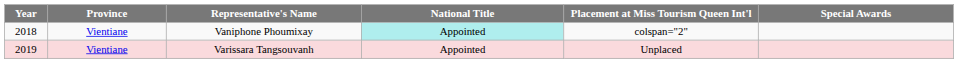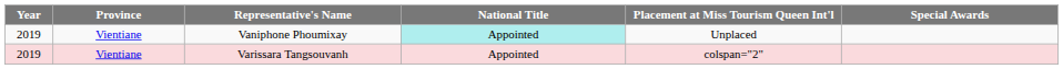 <table class="wikitable " style="font-size: 89%; text-align:center">
 <tr>
 <th width="50" style="background-color:#787878;color:#FFFFFF;">Year</th>
 <th width="150" style="background-color:#787878;color:#FFFFFF;">Province</th>
 <th width="250" style="background-color:#787878;color:#FFFFFF;">Representative's Name</th>
 <th width="260" style="background-color:#787878;color:#FFFFFF;">National Title</th>
 <th width="250" style="background-color:#787878;color:#FFFFFF;">Placement at Miss Tourism Queen Int'l</th>
 <th width="250" style="background-color:#787878;color:#FFFFFF;">Special Awards</th>
 </tr>
 <tr>
-<td>2018</td>
+<td>2019</td>
 <td><a href='#'>Vientiane</a></td>
 <td>Vaniphone Phoumixay</td>
 <td style="background: paleturquoise;">Appointed</td>
-<td>colspan="2" </td>
+<td>Unplaced</td>
 </tr>
 <tr style="background-color:#FADADD;">
 <td>2019</td>
 <td><a href='#'>Vientiane</a></td>
 <td>Varissara Tangsouvanh</td>
 <td>Appointed</td>
-<td>Unplaced</td>
+<td>colspan="2" </td>
 <td style="background:;"></td>
 </tr>
 </table>
